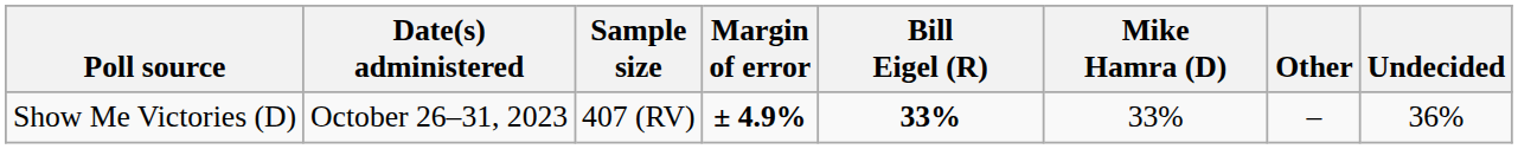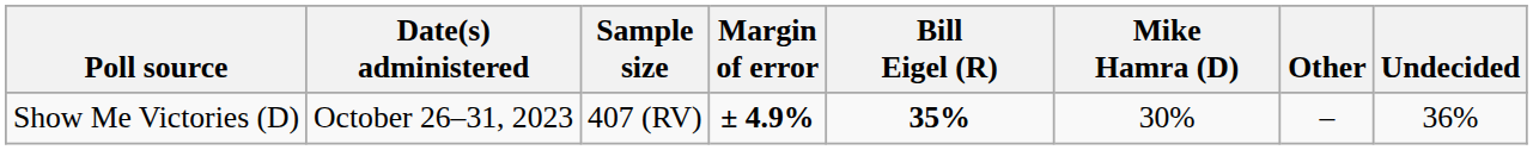 <table class="wikitable" style="font-size:90%;text-align:center;">
 <tr valign=bottom>
 <th>Poll source</th>
 <th>Date(s)<br>administered</th>
 <th>Sample<br>size</th>
 <th>Margin<br>of error</th>
 <th style="width:100px;">Bill<br>Eigel (R)</th>
 <th style="width:100px;">Mike<br>Hamra (D)</th>
 <th>Other</th>
 <th>Undecided</th>
 </tr>
 <tr>
 <td rowspan=2 style="text-align:left">Show Me Victories (D)</td>
 <td>October 26–31, 2023</td>
 <td>407 (RV)</td>
 <td><strong>± 4.9%</strong></td>
-<td><strong>33%</strong></td>
-<td>33%</td>
+<td><strong>35%</strong></td>
+<td>30%</td>
 <td>–</td>
 <td>36%</td>
 </tr>
 </table>
